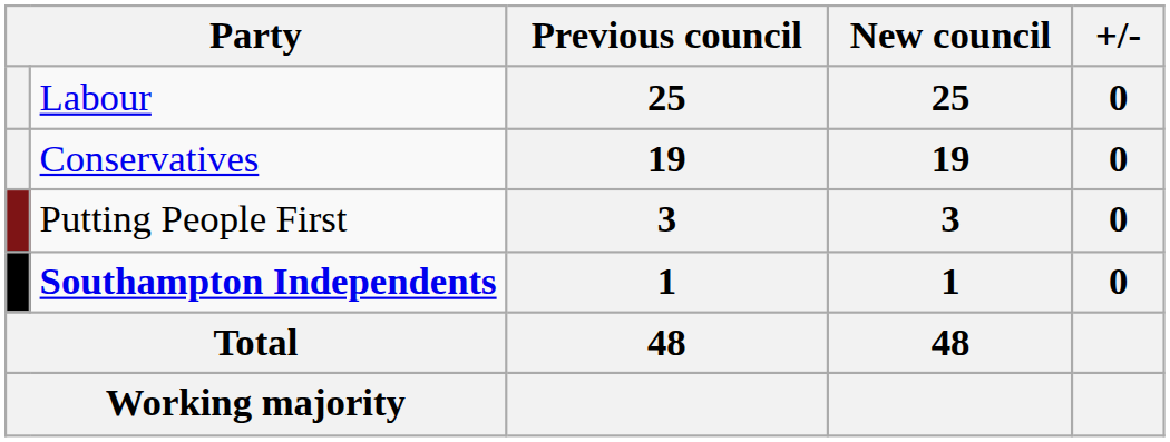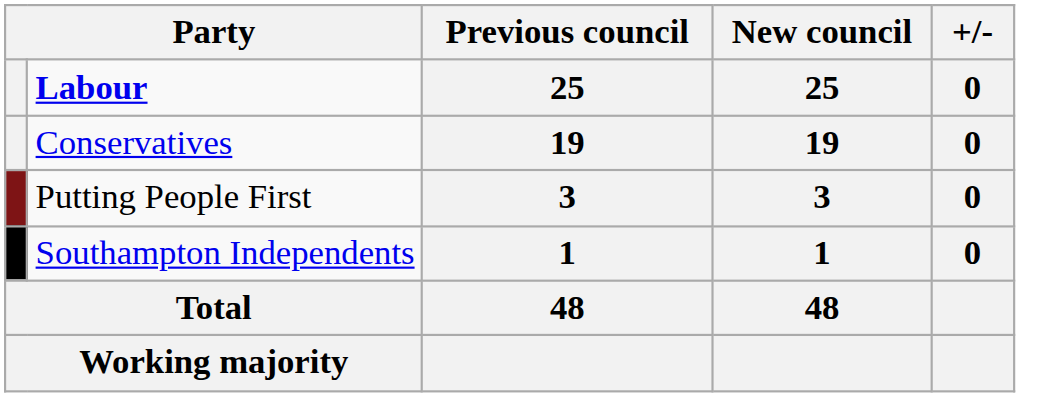 <table class="wikitable">
 <tr>
 <th valign=top colspan="2" style="width: 100px">Party</th>
 <th valign=top style="width: 126px">Previous council</th>
 <th valign=top style="width: 94px">New council</th>
 <th valign=top style="width: 30px">+/-</th>
 </tr>
 <tr>
 <th style="background-color: "></th>
-<td><a href='#'>Labour</a></td>
+<td><strong><a href='#'>Labour</a></strong></td>
 <th align=center>25</th>
 <th align=center>25</th>
 <th align=center>0</th>
 </tr>
 <tr>
 <th style="background-color: "></th>
 <td><a href='#'>Conservatives</a></td>
 <th align=center>19</th>
 <th align=center>19</th>
 <th align=center>0</th>
 </tr>
 <tr>
 <th style="background-color: #7E1415; width: 3px;"></th>
 <td>Putting People First</td>
 <th align=center>3</th>
 <th align=center>3</th>
 <th align=center>0</th>
 </tr>
 <tr>
 <th style="background-color: #000000; width: 3px;"></th>
-<td><strong><a href='#'>Southampton Independents</a></strong></td>
+<td><a href='#'>Southampton Independents</a></td>
 <th align=center>1</th>
 <th align=center>1</th>
 <th align=center>0</th>
 </tr>
 <tr>
 <th colspan=2>Total</th>
 <th style="text-align: center">48</th>
 <th style="text-align: center">48</th>
 <th></th>
 </tr>
 <tr>
 <th colspan=2>Working majority</th>
 <th></th>
 <th></th>
 <th></th>
 </tr>
 </table>
